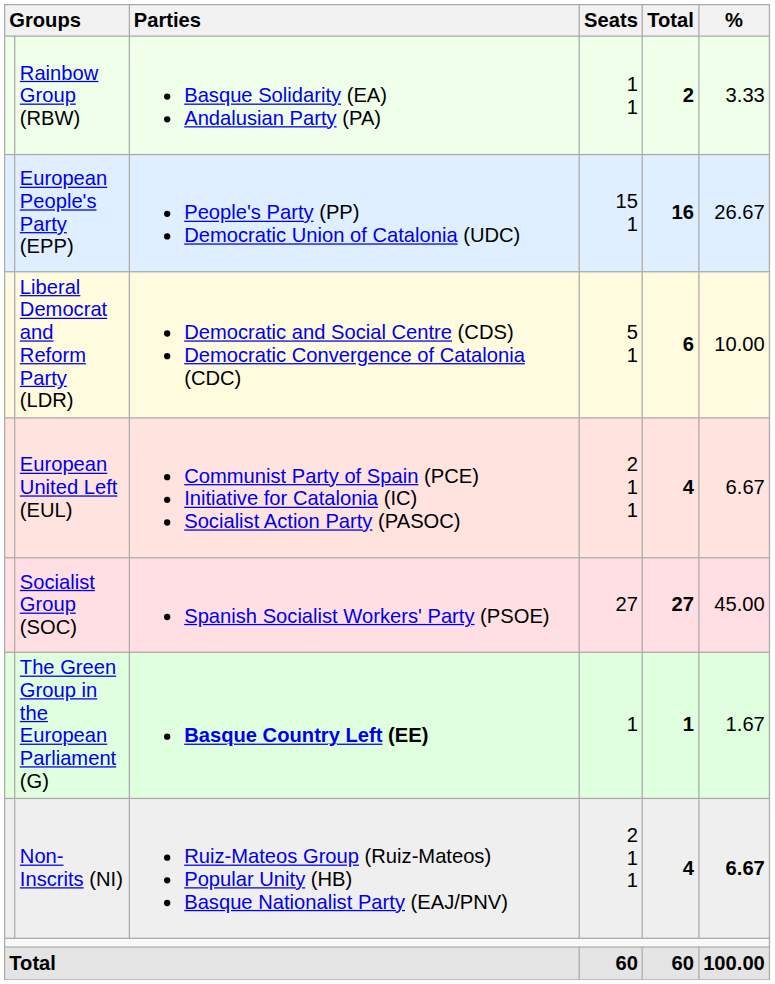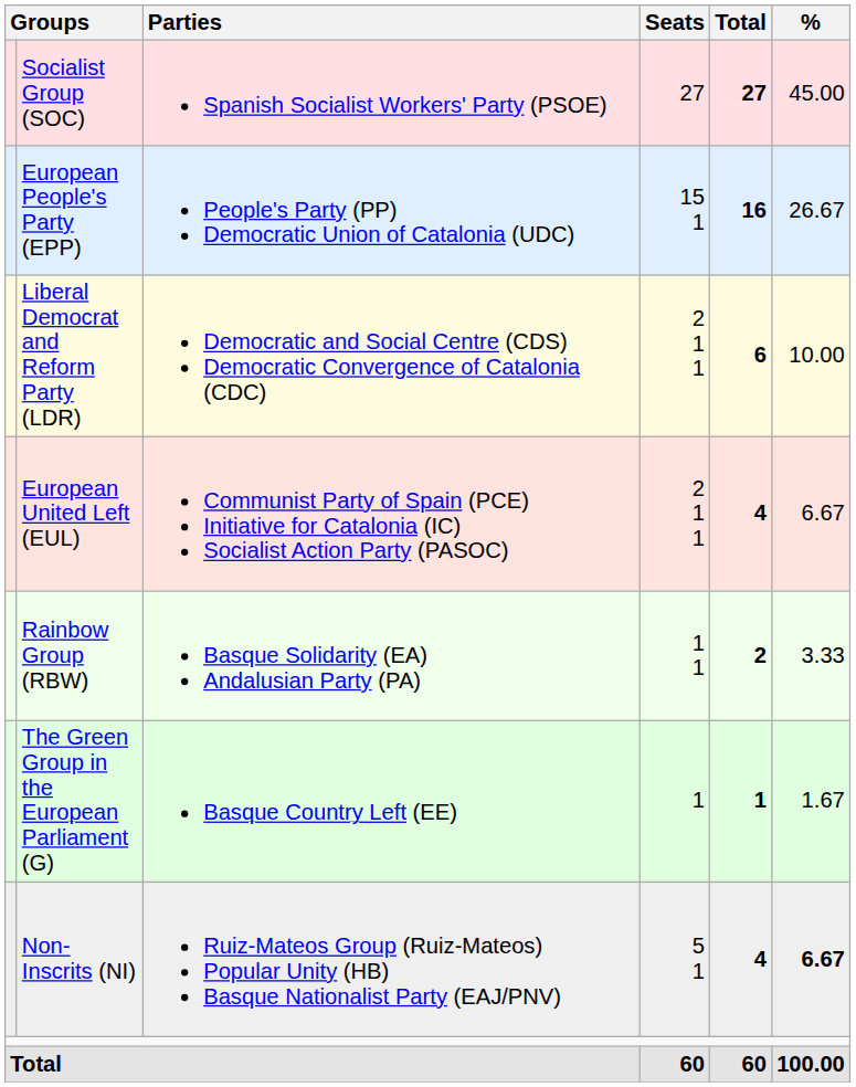 <table class="wikitable" style="text-align:right;">
 <tr>
 <th style="text-align:left;" colspan="2" width="375">Groups</th>
 <th style="text-align:left;" width="350">Parties</th>
 <th width="35">Seats</th>
 <th width="35">Total</th>
 <th width="45">%</th>
 </tr>
-<tr style="background:#EFFFEA;">
-<td style="color:inherit;background:"></td>
-<td align="left"><a href='#'>Rainbow Group</a> (RBW)</td>
-<td align="left"><br><ul><li><a href='#'>Basque Solidarity</a> (EA)</li><li><a href='#'>Andalusian Party</a> (PA)</li></ul></td>
-<td>1<br>1</td>
-<td><strong>2</strong></td>
-<td>3.33</td>
+<tr style="background:#FFDFE3;">
+<td width="1" style="color:inherit;background:"></td>
+<td align="left"><a href='#'>Socialist Group</a> (SOC)</td>
+<td align="left"><br><ul><li><a href='#'>Spanish Socialist Workers' Party</a> (PSOE)</li></ul></td>
+<td>27</td>
+<td><strong>27</strong></td>
+<td>45.00</td>
 </tr>
 <tr style="background:#DFEFFF;">
 <td style="color:inherit;background:"></td>
 <td align="left"><a href='#'>European People's Party</a> (EPP)</td>
 <td align="left"><br><ul><li><a href='#'>People's Party</a> (PP)</li><li><a href='#'>Democratic Union of Catalonia</a> (UDC)</li></ul></td>
 <td>15<br>1</td>
 <td><strong>16</strong></td>
 <td>26.67</td>
 </tr>
 <tr style="background:#FFFBDF;">
 <td style="color:inherit;background:"></td>
 <td align="left"><a href='#'>Liberal Democrat and Reform Party</a> (LDR)</td>
 <td align="left"><br><ul><li><a href='#'>Democratic and Social Centre</a> (CDS)</li><li><a href='#'>Democratic Convergence of Catalonia</a> (CDC)</li></ul></td>
-<td>5<br>1</td>
+<td>2<br>1<br>1</p></td>
 <td><strong>6</strong></td>
 <td>10.00</td>
 </tr>
 <tr style="background:#FFE3DF;">
 <td style="color:inherit;background:"></td>
 <td align="left"><a href='#'>European United Left</a> (EUL)</td>
 <td align="left"><br><ul><li><a href='#'>Communist Party of Spain</a> (PCE)</li><li><a href='#'>Initiative for Catalonia</a> (IC)</li><li><a href='#'>Socialist Action Party</a> (PASOC)</li></ul></td>
 <td>2<br>1<br>1</td>
 <td><strong>4</strong></td>
 <td>6.67</td>
 </tr>
-<tr style="background:#FFDFE3;">
-<td width="1" style="color:inherit;background:"></td>
-<td align="left"><a href='#'>Socialist Group</a> (SOC)</td>
-<td align="left"><br><ul><li><a href='#'>Spanish Socialist Workers' Party</a> (PSOE)</li></ul></td>
-<td>27</td>
-<td><strong>27</strong></td>
-<td>45.00</td>
+<tr style="background:#EFFFEA;">
+<td style="color:inherit;background:"></td>
+<td align="left"><a href='#'>Rainbow Group</a> (RBW)</td>
+<td align="left"><br><ul><li><a href='#'>Basque Solidarity</a> (EA)</li><li><a href='#'>Andalusian Party</a> (PA)</li></ul></td>
+<td>1<br>1</td>
+<td><strong>2</strong></td>
+<td>3.33</td>
 </tr>
 <tr style="background:#DFFFDF;">
 <td style="color:inherit;background:"></td>
 <td align="left"><a href='#'>The Green Group in the European Parliament</a> (G)</td>
-<td align="left"><strong><br><ul><li><a href='#'>Basque Country Left</a> (EE)</li></ul></strong></td>
+<td align="left"><br><ul><li><a href='#'>Basque Country Left</a> (EE)</li></ul></td>
 <td>1</td>
 <td><strong>1</strong></td>
 <td>1.67</td>
 </tr>
 <tr style="background:#EFEFEF;">
 <td style="color:inherit;background:"></td>
 <td align="left"><a href='#'>Non-Inscrits</a> (NI)</td>
 <td align="left"><br><ul><li><a href='#'>Ruiz-Mateos Group</a> (Ruiz-Mateos)</li><li><a href='#'>Popular Unity</a> (HB)</li><li><a href='#'>Basque Nationalist Party</a> (EAJ/PNV)</li></ul></td>
-<td>2<br>1<br>1</p></td>
+<td>5<br>1</td>
 <td><strong>4</strong></td>
 <td><strong>6.67</strong></td>
 </tr>
 <tr>
 <td colspan="6"></td>
 </tr>
 <tr style="background:#E4E4E4; font-weight:bold;">
 <td align="left" colspan="3">Total</td>
 <td>60</td>
 <td>60</td>
 <td>100.00</td>
 </tr>
 </table>
